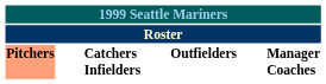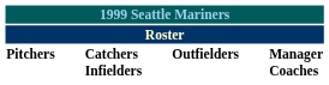 <table class="toccolours" style="font-size: 95%;">
 <tr>
 <th colspan="10" style="background-color: #005c5c; color:#9ECEEE; text-align: center;">1999 Seattle Mariners</th>
 </tr>
 <tr>
 <td colspan="10" style="background-color: #003366; color: #FFFDD0; text-align: center;"><strong>Roster</strong></td>
 </tr>
 <tr>
-<td valign="top" style="background: lightsalmon;"><strong>Pitchers</strong><br>                           </td>
+<td valign="top"><strong>Pitchers</strong><br>                           </td>
 <td width="25px"></td>
 <td valign="top"><strong>Catchers</strong><br>  <strong>Infielders</strong>           </td>
 <td width="25px"></td>
 <td valign="top"><strong>Outfielders</strong><br>         </td>
 <td width="25px"></td>
 <td valign="top"><strong>Manager</strong><br> <strong>Coaches</strong>      </td>
 </tr>
 </table>
